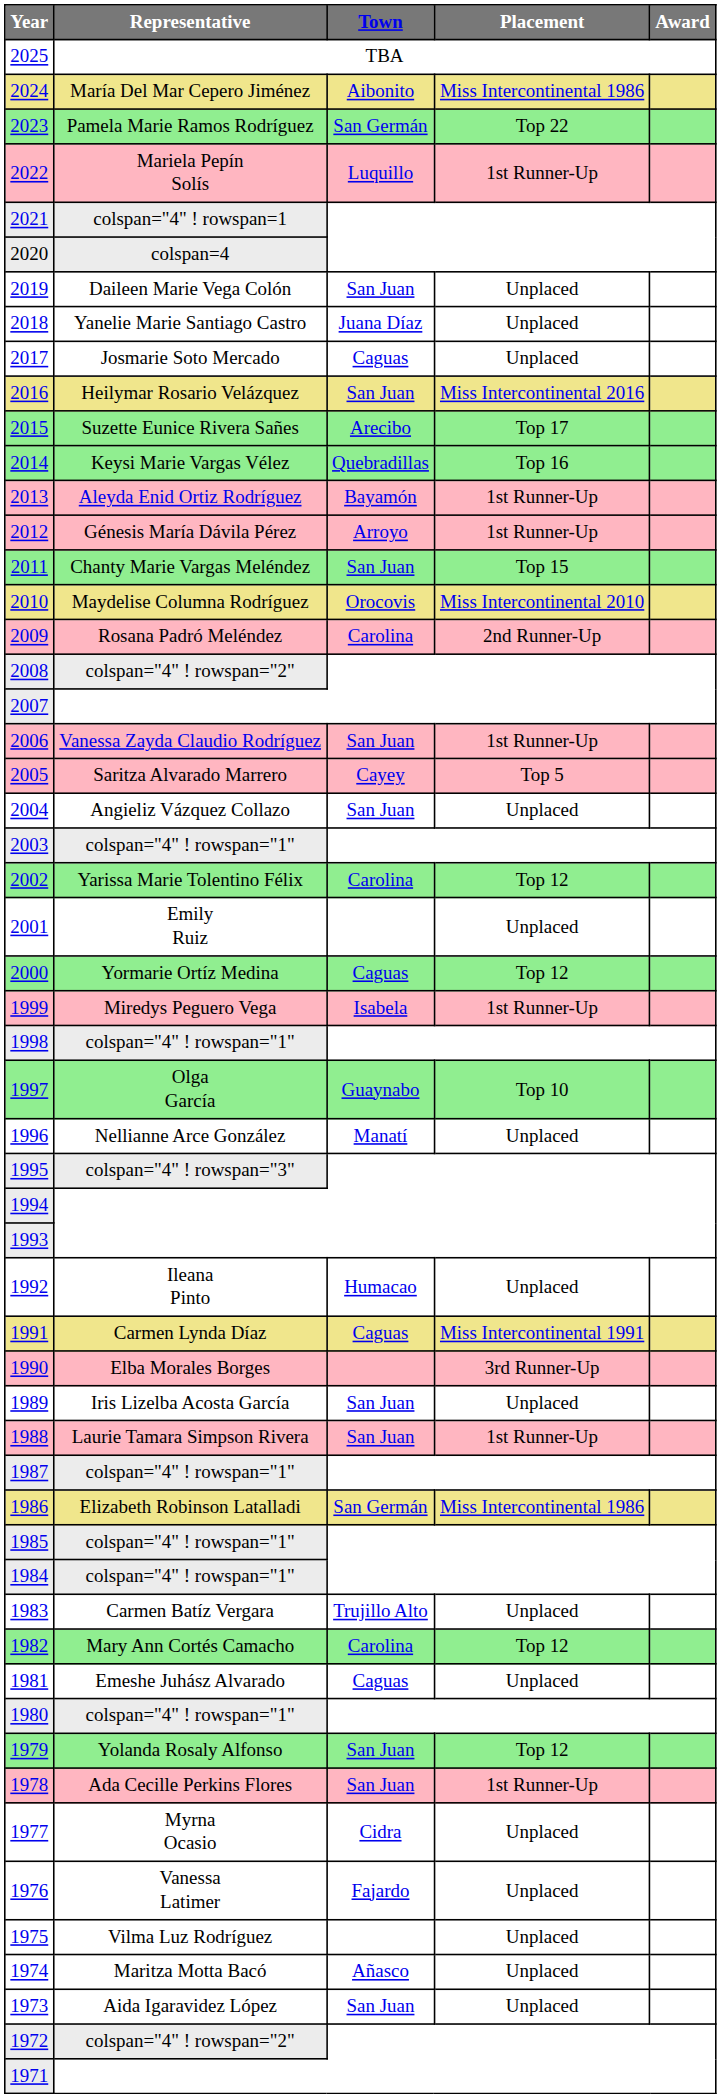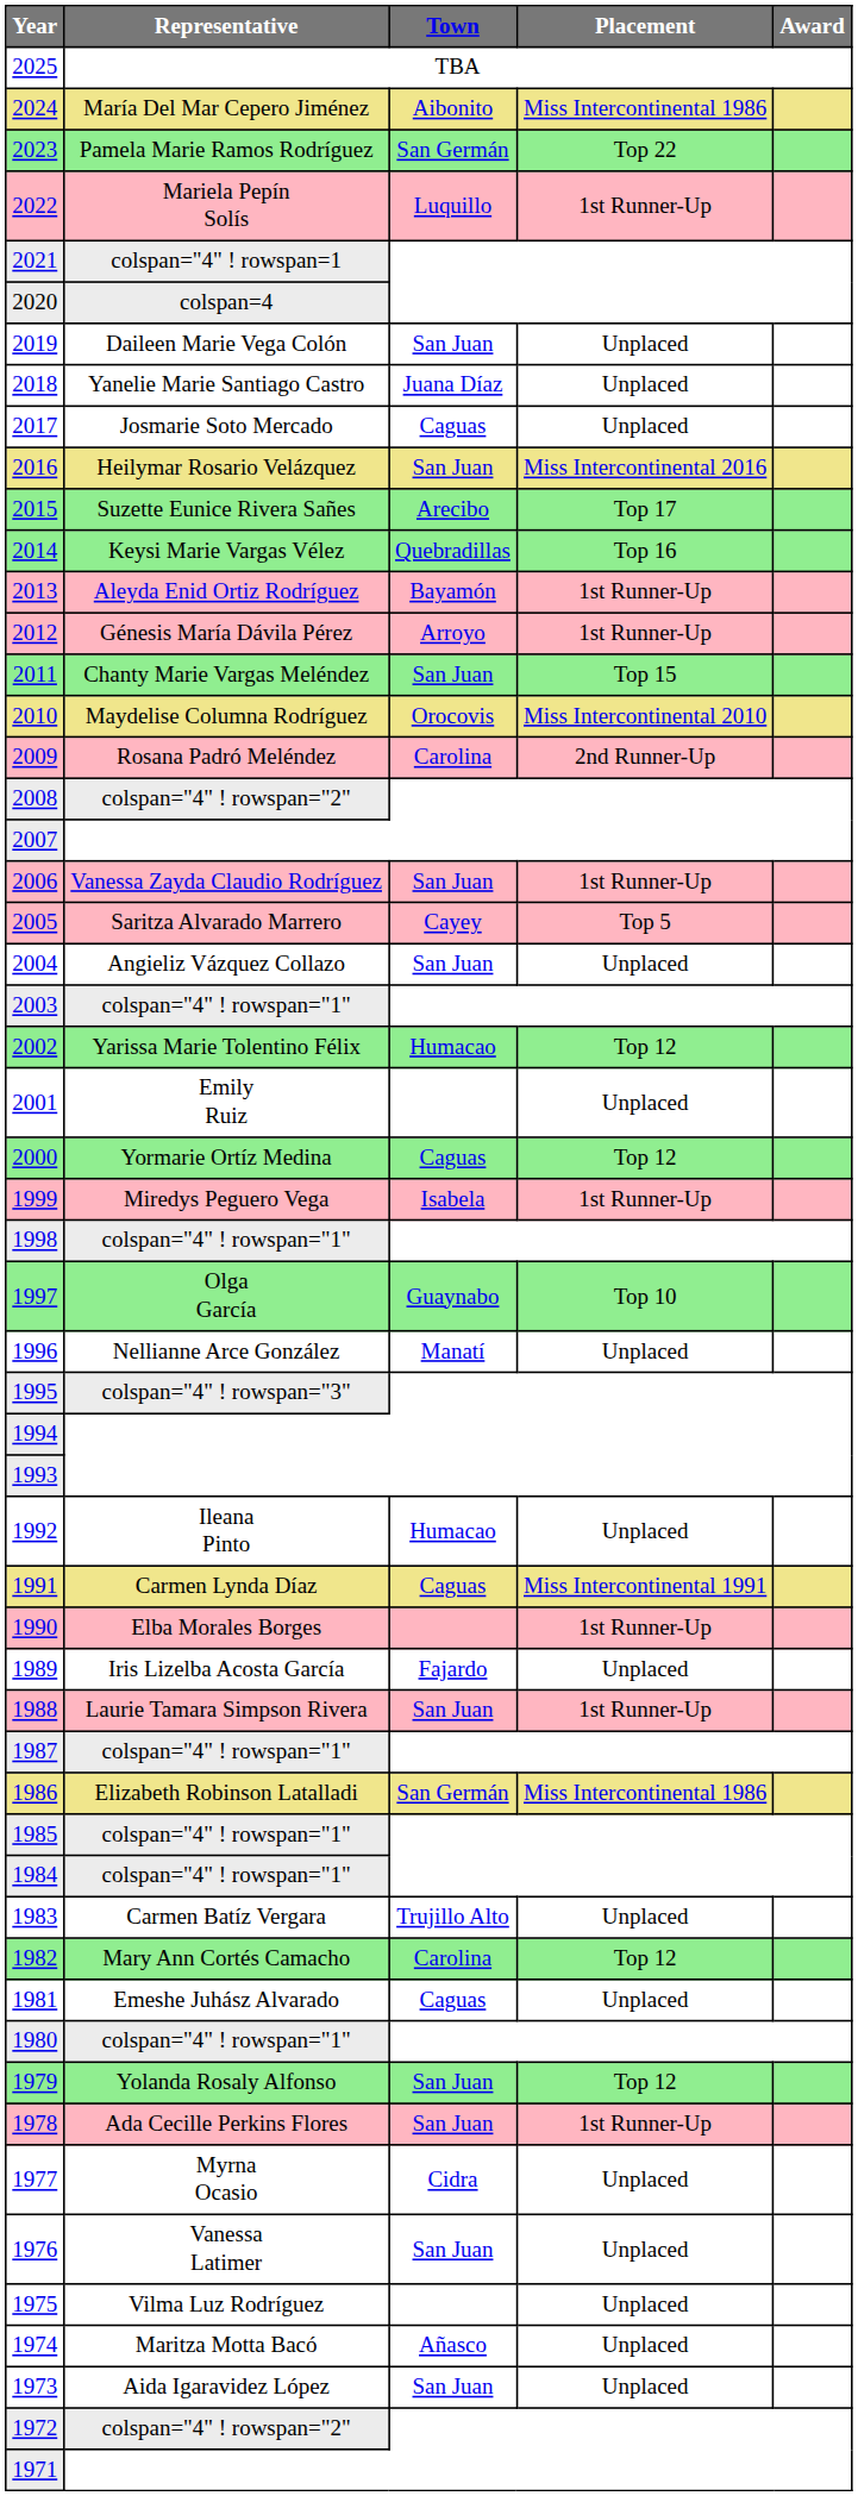 <table class="sortable wiki table" border="3" cellpadding="3" cellspacing="0" style="margin: 0 1em 0 0; background: white; border: 1px #000000 solid; border-collapse: collapse; font-size: 75%; text-align:center">
 <tr>
 <th style="background-color:#787878;color:#FFFFFF;">Year</th>
 <th style="background-color:#787878;color:#FFFFFF;">Representative</th>
 <th style="background-color:#787878;color:#FFFFFF;"><a href='#'>Town</a></th>
 <th style="background-color:#787878;color:#FFFFFF;">Placement</th>
 <th style="background-color:#787878;color:#FFFFFF;">Award</th>
 </tr>
 <tr>
 <td><a href='#'>2025</a></td>
 <td colspan=4>TBA</td>
 </tr>
 <tr>
 <td style="background-color:#F0E68C;"><a href='#'>2024</a></td>
 <td style="background-color:#F0E68C;">María Del Mar Cepero Jiménez</td>
 <td style="background-color:#F0E68C;"><a href='#'>Aibonito</a></td>
 <td style="background-color:#F0E68C;"><a href='#'>Miss Intercontinental 1986</a></td>
 <td style="background-color:#F0E68C;"></td>
 </tr>
 <tr>
 <td style="background-color:#90EE90;"><a href='#'>2023</a></td>
 <td style="background-color:#90EE90;">Pamela Marie Ramos Rodríguez</td>
 <td style="background-color:#90EE90;"><a href='#'>San Germán</a></td>
 <td style="background-color:#90EE90;">Top 22</td>
 <td style="background-color:#90EE90;"></td>
 </tr>
 <tr>
 <td style="background-color:#FFB6C1;"><a href='#'>2022</a></td>
 <td style="background-color:#FFB6C1;">Mariela Pepín <br>Solís</td>
 <td style="background-color:#FFB6C1;"><a href='#'>Luquillo</a></td>
 <td style="background-color:#FFB6C1;">1st Runner-Up</td>
 <td style="background-color:#FFB6C1;"></td>
 </tr>
 <tr style="background-color:#ececec;">
 <td><a href='#'> 2021</a></td>
 <td>colspan="4" ! rowspan=1 </td>
 </tr>
 <tr style="background-color:#ececec;">
 <td>2020</td>
 <td>colspan=4 </td>
 </tr>
 <tr>
 <td><a href='#'>2019</a></td>
 <td>Daileen Marie Vega Colón</td>
 <td><a href='#'>San Juan</a></td>
 <td>Unplaced</td>
 <td></td>
 </tr>
 <tr>
 <td><a href='#'>2018</a></td>
 <td>Yanelie Marie Santiago Castro</td>
 <td><a href='#'>Juana Díaz</a></td>
 <td>Unplaced</td>
 <td></td>
 </tr>
 <tr>
 <td><a href='#'>2017</a></td>
 <td>Josmarie Soto Mercado</td>
 <td><a href='#'>Caguas</a></td>
 <td>Unplaced</td>
 <td></td>
 </tr>
 <tr>
 <td style="background-color:#F0E68C;"><a href='#'>2016</a></td>
 <td style="background-color:#F0E68C;">Heilymar Rosario Velázquez</td>
 <td style="background-color:#F0E68C;"><a href='#'>San Juan</a></td>
 <td style="background-color:#F0E68C;"><a href='#'>Miss Intercontinental 2016</a></td>
 <td style="background-color:#F0E68C;"></td>
 </tr>
 <tr>
 <td style="background-color:#90EE90;"><a href='#'>2015</a></td>
 <td style="background-color:#90EE90;">Suzette Eunice Rivera Sañes</td>
 <td style="background-color:#90EE90;"><a href='#'>Arecibo</a></td>
 <td style="background-color:#90EE90;">Top 17</td>
 <td style="background-color:#90EE90;"></td>
 </tr>
 <tr>
 <td style="background-color:#90EE90;"><a href='#'>2014</a></td>
 <td style="background-color:#90EE90;">Keysi Marie Vargas Vélez</td>
 <td style="background-color:#90EE90;"><a href='#'>Quebradillas</a></td>
 <td style="background-color:#90EE90;">Top 16</td>
 <td style="background-color:#90EE90;"></td>
 </tr>
 <tr>
 <td style="background-color:#FFB6C1;"><a href='#'>2013</a></td>
 <td style="background-color:#FFB6C1;"><a href='#'>Aleyda Enid Ortiz Rodríguez</a></td>
 <td style="background-color:#FFB6C1;"><a href='#'>Bayamón</a></td>
 <td style="background-color:#FFB6C1;">1st Runner-Up</td>
 <td style="background-color:#FFB6C1;"></td>
 </tr>
 <tr>
 <td style="background-color:#FFB6C1;"><a href='#'>2012</a></td>
 <td style="background-color:#FFB6C1;">Génesis María Dávila Pérez</td>
 <td style="background-color:#FFB6C1;"><a href='#'>Arroyo</a></td>
 <td style="background-color:#FFB6C1;">1st Runner-Up</td>
 <td style="background-color:#FFB6C1;"></td>
 </tr>
 <tr>
 <td style="background-color:#90EE90;"><a href='#'>2011</a></td>
 <td style="background-color:#90EE90;">Chanty Marie Vargas Meléndez</td>
 <td style="background-color:#90EE90;"><a href='#'>San Juan</a></td>
 <td style="background-color:#90EE90;">Top 15</td>
 <td style="background-color:#90EE90;"></td>
 </tr>
 <tr>
 <td style="background-color:#F0E68C;"><a href='#'>2010</a></td>
 <td style="background-color:#F0E68C;">Maydelise Columna Rodríguez</td>
 <td style="background-color:#F0E68C;"><a href='#'>Orocovis</a></td>
 <td style="background-color:#F0E68C;"><a href='#'>Miss Intercontinental 2010</a></td>
 <td style="background-color:#F0E68C;"></td>
 </tr>
 <tr>
 <td style="background-color:#FFB6C1;"><a href='#'>2009</a></td>
 <td style="background-color:#FFB6C1;">Rosana Padró Meléndez</td>
 <td style="background-color:#FFB6C1;"><a href='#'>Carolina</a></td>
 <td style="background-color:#FFB6C1;">2nd Runner-Up</td>
 <td style="background-color:#FFB6C1;"></td>
 </tr>
 <tr style="background-color:#ececec;">
 <td><a href='#'>2008</a></td>
 <td>colspan="4" ! rowspan="2"  </td>
 </tr>
 <tr style="background-color:#ececec;">
 <td><a href='#'>2007</a></td>
 </tr>
 <tr>
 <td style="background-color:#FFB6C1;"><a href='#'>2006</a></td>
 <td style="background-color:#FFB6C1;"><a href='#'>Vanessa Zayda Claudio Rodríguez</a></td>
 <td style="background-color:#FFB6C1;"><a href='#'>San Juan</a></td>
 <td style="background-color:#FFB6C1;">1st Runner-Up</td>
 <td style="background-color:#FFB6C1;"></td>
 </tr>
 <tr>
 <td style="background-color:#FFB6C1;"><a href='#'>2005</a></td>
 <td style="background-color:#FFB6C1;">Saritza Alvarado Marrero</td>
 <td style="background-color:#FFB6C1;"><a href='#'>Cayey</a></td>
 <td style="background-color:#FFB6C1;">Top 5</td>
 <td style="background-color:#FFB6C1;"></td>
 </tr>
 <tr>
 <td><a href='#'>2004</a></td>
 <td>Angieliz Vázquez Collazo</td>
 <td><a href='#'>San Juan</a></td>
 <td>Unplaced</td>
 <td></td>
 </tr>
 <tr style="background-color:#ececec;">
 <td><a href='#'>2003</a></td>
 <td>colspan="4" ! rowspan="1" </td>
 </tr>
 <tr>
 <td style="background-color:#90EE90;"><a href='#'>2002</a></td>
 <td style="background-color:#90EE90;">Yarissa Marie Tolentino Félix</td>
-<td style="background-color:#90EE90;"><a href='#'>Carolina</a></td>
+<td style="background-color:#90EE90;"><a href='#'>Humacao</a></td>
 <td style="background-color:#90EE90;">Top 12</td>
 <td style="background-color:#90EE90;"></td>
 </tr>
 <tr>
 <td><a href='#'>2001</a></td>
 <td>Emily <br>Ruiz</td>
 <td></td>
 <td>Unplaced</td>
 <td></td>
 </tr>
 <tr>
 <td style="background-color:#90EE90;"><a href='#'>2000</a></td>
 <td style="background-color:#90EE90;">Yormarie Ortíz Medina</td>
 <td style="background-color:#90EE90;"><a href='#'>Caguas</a></td>
 <td style="background-color:#90EE90;">Top 12</td>
 <td style="background-color:#90EE90;"></td>
 </tr>
 <tr>
 <td style="background-color:#FFB6C1;"><a href='#'>1999</a></td>
 <td style="background-color:#FFB6C1;">Miredys Peguero Vega</td>
 <td style="background-color:#FFB6C1;"><a href='#'>Isabela</a></td>
 <td style="background-color:#FFB6C1;">1st Runner-Up</td>
 <td style="background-color:#FFB6C1;"></td>
 </tr>
 <tr style="background-color:#ececec;">
 <td><a href='#'>1998</a></td>
 <td>colspan="4" ! rowspan="1" </td>
 </tr>
 <tr>
 <td style="background-color:#90EE90;"><a href='#'>1997</a></td>
 <td style="background-color:#90EE90;">Olga <br>García</td>
 <td style="background-color:#90EE90;"><a href='#'>Guaynabo</a></td>
 <td style="background-color:#90EE90;">Top 10</td>
 <td style="background-color:#90EE90;"></td>
 </tr>
 <tr>
 <td><a href='#'>1996</a></td>
 <td>Nellianne Arce González</td>
 <td><a href='#'>Manatí</a></td>
 <td>Unplaced</td>
 <td></td>
 </tr>
 <tr style="background-color:#ececec;">
 <td><a href='#'>1995</a></td>
 <td>colspan="4" ! rowspan="3" </td>
 </tr>
 <tr style="background-color:#ececec;">
 <td><a href='#'>1994</a></td>
 </tr>
 <tr style="background-color:#ececec;">
 <td><a href='#'>1993</a></td>
 </tr>
 <tr>
 <td><a href='#'>1992</a></td>
 <td>Ileana <br>Pinto</td>
 <td><a href='#'>Humacao</a></td>
 <td>Unplaced</td>
 <td></td>
 </tr>
 <tr>
 <td style="background-color:#F0E68C;"><a href='#'>1991</a></td>
 <td style="background-color:#F0E68C;">Carmen Lynda Díaz</td>
 <td style="background-color:#F0E68C;"><a href='#'>Caguas</a></td>
 <td style="background-color:#F0E68C;"><a href='#'>Miss Intercontinental 1991</a><br></td>
 <td style="background-color:#F0E68C;"></td>
 </tr>
 <tr>
 <td style="background-color:#FFB6C1;"><a href='#'>1990</a></td>
 <td style="background-color:#FFB6C1;">Elba Morales Borges</td>
 <td style="background-color:#FFB6C1;"></td>
-<td style="background-color:#FFB6C1;">3rd Runner-Up</td>
+<td style="background-color:#FFB6C1;">1st Runner-Up</td>
 <td style="background-color:#FFB6C1;"></td>
 </tr>
 <tr>
 <td><a href='#'>1989</a></td>
 <td>Iris Lizelba Acosta García</td>
-<td><a href='#'>San Juan</a></td>
+<td><a href='#'>Fajardo</a></td>
 <td>Unplaced</td>
 <td></td>
 </tr>
 <tr>
 <td style="background-color:#FFB6C1;"><a href='#'>1988</a></td>
 <td style="background-color:#FFB6C1;">Laurie Tamara Simpson Rivera</td>
 <td style="background-color:#FFB6C1;"><a href='#'>San Juan</a></td>
 <td style="background-color:#FFB6C1;">1st Runner-Up</td>
 <td style="background-color:#FFB6C1;"></td>
 </tr>
 <tr style="background-color:#ececec;">
 <td><a href='#'>1987</a></td>
 <td>colspan="4" ! rowspan="1" </td>
 </tr>
 <tr>
 <td style="background-color:#F0E68C;"><a href='#'>1986</a></td>
 <td style="background-color:#F0E68C;">Elizabeth Robinson Latalladi</td>
 <td style="background-color:#F0E68C;"><a href='#'>San Germán</a></td>
 <td style="background-color:#F0E68C;"><a href='#'>Miss Intercontinental 1986</a></td>
 <td style="background-color:#F0E68C;"></td>
 </tr>
 <tr style="background-color:#ececec;"|l>
 <td><a href='#'>1985</a></td>
 <td>colspan="4" ! rowspan="1" </td>
 </tr>
 <tr style="background-color:#ececec;">
 <td><a href='#'>1984</a></td>
 <td>colspan="4" ! rowspan="1" </td>
 </tr>
 <tr>
 <td><a href='#'>1983</a></td>
 <td>Carmen Batíz Vergara</td>
 <td><a href='#'>Trujillo Alto</a></td>
 <td>Unplaced</td>
 <td></td>
 </tr>
 <tr>
 <td style="background-color:#90EE90;"><a href='#'>1982</a></td>
 <td style="background-color:#90EE90;">Mary Ann Cortés Camacho</td>
 <td style="background-color:#90EE90;"><a href='#'>Carolina</a></td>
 <td style="background-color:#90EE90;">Top 12</td>
 <td style="background-color:#90EE90;"></td>
 </tr>
 <tr>
 <td><a href='#'>1981</a></td>
 <td>Emeshe Juhász Alvarado</td>
 <td><a href='#'>Caguas</a></td>
 <td>Unplaced</td>
 <td></td>
 </tr>
 <tr style="background-color:#ececec;">
 <td><a href='#'>1980</a></td>
 <td>colspan="4" ! rowspan="1" </td>
 </tr>
 <tr>
 <td style="background-color:#90EE90;"><a href='#'>1979</a></td>
 <td style="background-color:#90EE90;">Yolanda Rosaly Alfonso</td>
 <td style="background-color:#90EE90;"><a href='#'>San Juan</a></td>
 <td style="background-color:#90EE90;">Top 12</td>
 <td style="background-color:#90EE90;"></td>
 </tr>
 <tr>
 <td style="background-color:#FFB6C1;"><a href='#'>1978</a></td>
 <td style="background-color:#FFB6C1;">Ada Cecille Perkins Flores</td>
 <td style="background-color:#FFB6C1;"><a href='#'>San Juan</a></td>
 <td style="background-color:#FFB6C1;">1st Runner-Up</td>
 <td style="background-color:#FFB6C1;"></td>
 </tr>
 <tr>
 <td><a href='#'>1977</a></td>
 <td>Myrna <br>Ocasio</td>
 <td><a href='#'>Cidra</a></td>
 <td>Unplaced</td>
 <td></td>
 </tr>
 <tr>
 <td><a href='#'>1976</a></td>
 <td>Vanessa <br>Latimer</td>
-<td><a href='#'>Fajardo</a></td>
+<td><a href='#'>San Juan</a></td>
 <td>Unplaced</td>
 <td></td>
 </tr>
 <tr>
 <td><a href='#'>1975</a></td>
 <td>Vilma Luz Rodríguez</td>
 <td></td>
 <td>Unplaced</td>
 <td></td>
 </tr>
 <tr>
 <td><a href='#'>1974</a></td>
 <td>Maritza Motta Bacó</td>
 <td><a href='#'>Añasco</a></td>
 <td>Unplaced</td>
 <td></td>
 </tr>
 <tr>
 <td><a href='#'>1973</a></td>
 <td>Aida Igaravidez López</td>
 <td><a href='#'>San Juan</a></td>
 <td>Unplaced</td>
 <td></td>
 </tr>
 <tr style="background-color:#ececec;">
 <td><a href='#'>1972</a></td>
 <td>colspan="4" ! rowspan="2" </td>
 </tr>
 <tr style="background-color:#ececec;">
 <td><a href='#'>1971</a></td>
 </tr>
 <tr>
 </tr>
 </table>
